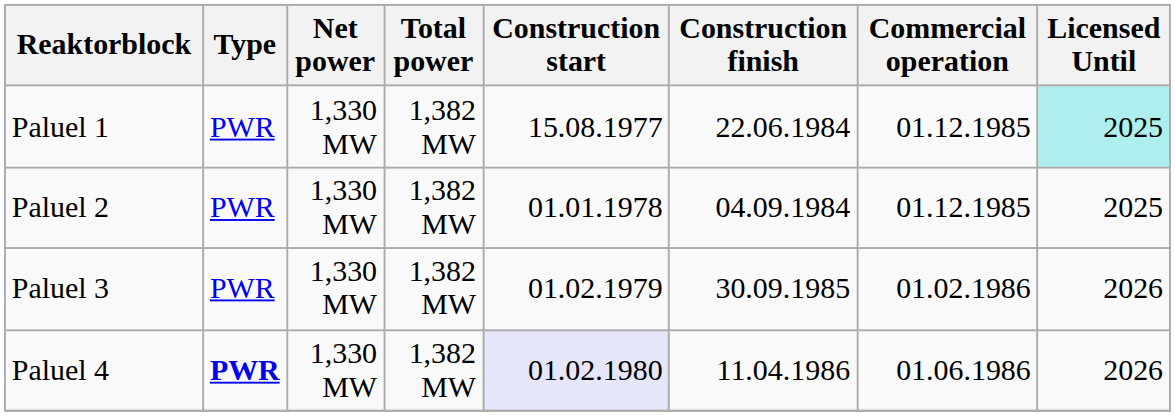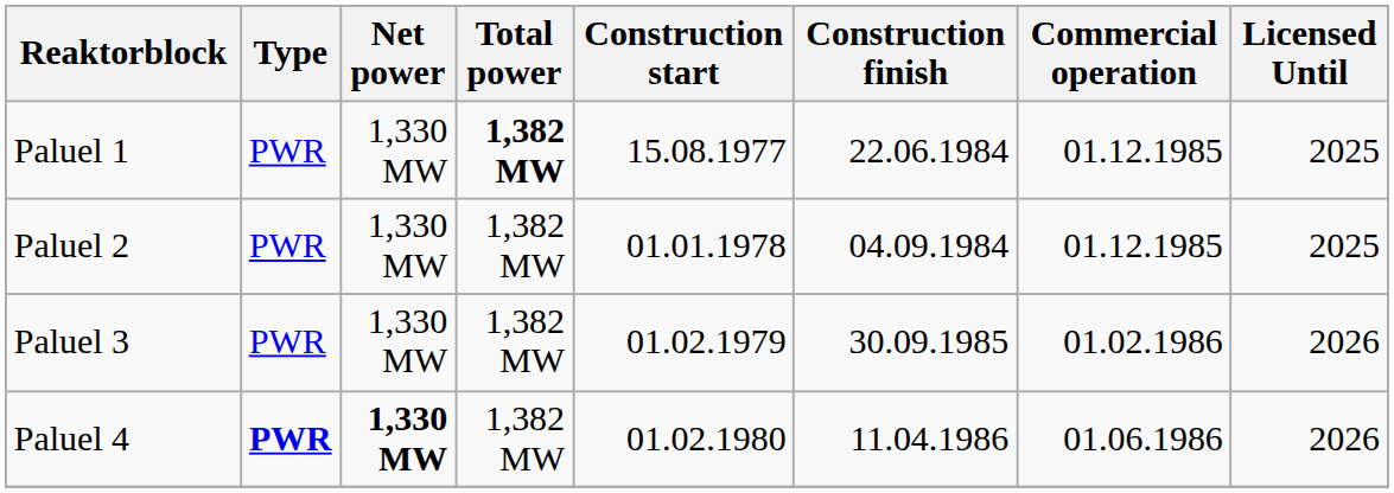 <table class="wikitable" style="width:100%;">
 <tr>
 <th width="17%;" bgcolor="#CFCFCF">Reaktorblock</th>
 <th>Type</th>
 <th>Net power</th>
 <th>Total power</th>
 <th>Construction start</th>
 <th>Construction finish</th>
 <th>Commercial operation</th>
 <th>Licensed Until</th>
 </tr>
 <tr>
 <td>Paluel 1</td>
 <td><a href='#'>PWR</a></td>
 <td align="right">1,330 MW</td>
-<td align="right">1,382 MW</td>
+<td align="right"><strong>1,382 MW</strong></td>
 <td align="right">15.08.1977</td>
 <td align="right">22.06.1984</td>
 <td align="right">01.12.1985</td>
-<td align="right" style="background: paleturquoise;">2025</td>
+<td align="right">2025</td>
 </tr>
 <tr>
 <td>Paluel 2</td>
 <td><a href='#'>PWR</a></td>
 <td align="right">1,330 MW</td>
 <td align="right">1,382 MW</td>
 <td align="right">01.01.1978</td>
 <td align="right">04.09.1984</td>
 <td align="right">01.12.1985</td>
 <td align="right">2025</td>
 </tr>
 <tr>
 <td>Paluel 3</td>
 <td><a href='#'>PWR</a></td>
 <td align="right">1,330 MW</td>
 <td align="right">1,382 MW</td>
 <td align="right">01.02.1979</td>
 <td align="right">30.09.1985</td>
 <td align="right">01.02.1986</td>
 <td align="right">2026</td>
 </tr>
 <tr>
 <td>Paluel 4</td>
 <td><strong><a href='#'>PWR</a></strong></td>
-<td align="right">1,330 MW</td>
+<td align="right"><strong>1,330 MW</strong></td>
 <td align="right">1,382 MW</td>
-<td align="right" style="background: lavender;">01.02.1980</td>
+<td align="right">01.02.1980</td>
 <td align="right">11.04.1986</td>
 <td align="right">01.06.1986</td>
 <td align="right">2026</td>
 </tr>
 <tr>
 </tr>
 </table>
